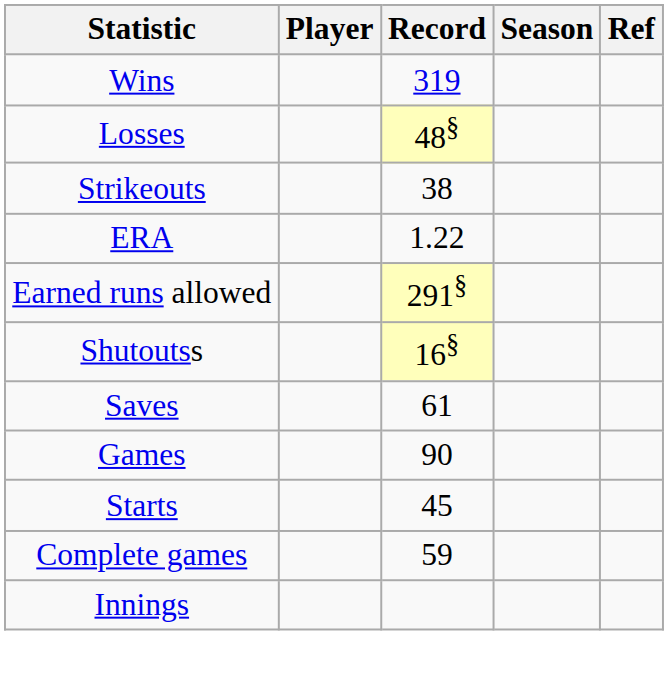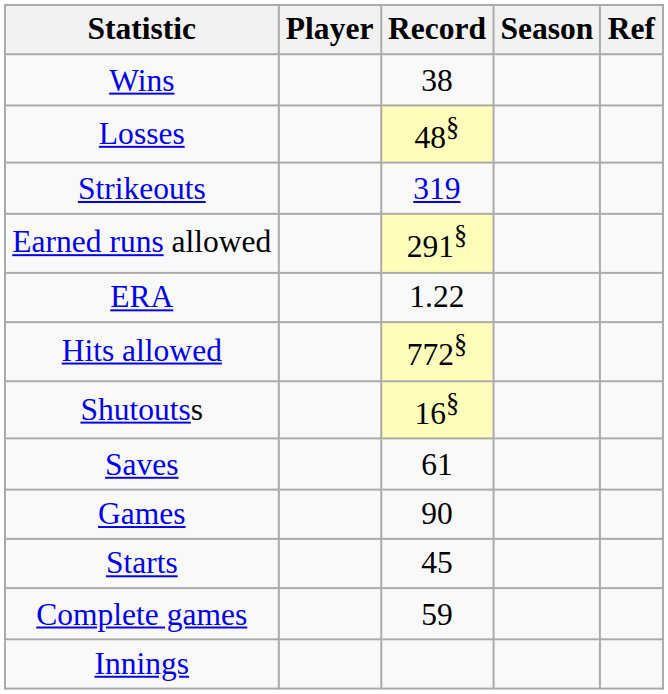 <table class="wikitable sortable" style="text-align:center">
 <tr>
 <th>Statistic</th>
 <th>Player</th>
 <th class="unsortable">Record</th>
 <th>Season</th>
 <th class="unsortable">Ref</th>
 </tr>
 <tr>
 <td><a href='#'>Wins</a></td>
 <td></td>
-<td><a href='#'>319</a></td>
+<td>38</td>
 <td></td>
 <td></td>
 </tr>
 <tr>
 <td><a href='#'>Losses</a></td>
 <td></td>
 <td bgcolor="#ffffbb">48<sup>§</sup></td>
 <td></td>
 <td></td>
 </tr>
 <tr>
 <td><a href='#'>Strikeouts</a></td>
 <td></td>
-<td>38</td>
+<td><a href='#'>319</a></td>
+<td></td>
+<td></td>
+</tr>
+<tr>
+<td><a href='#'>Earned runs</a> allowed</td>
+<td></td>
+<td bgcolor="#ffffbb">291<sup>§</sup></td>
 <td></td>
 <td></td>
 </tr>
 <tr>
 <td><a href='#'>ERA</a></td>
 <td></td>
 <td>1.22</td>
 <td></td>
 <td></td>
 </tr>
 <tr>
-<td><a href='#'>Earned runs</a> allowed</td>
+<td><a href='#'>Hits allowed</a></td>
 <td></td>
-<td bgcolor="#ffffbb">291<sup>§</sup></td>
+<td bgcolor="#ffffbb">772<sup>§</sup></td>
 <td></td>
 <td></td>
 </tr>
 <tr>
 <td><a href='#'>Shutouts</a>s</td>
 <td></td>
 <td bgcolor="#ffffbb">16<sup>§</sup></td>
 <td></td>
 <td></td>
 </tr>
 <tr>
 <td><a href='#'>Saves</a></td>
 <td></td>
 <td>61</td>
 <td></td>
 <td></td>
 </tr>
 <tr>
 <td><a href='#'>Games</a></td>
 <td></td>
 <td>90</td>
 <td></td>
 <td></td>
 </tr>
 <tr>
 <td><a href='#'>Starts</a></td>
 <td></td>
 <td>45</td>
 <td></td>
 <td></td>
 </tr>
 <tr>
 <td><a href='#'>Complete games</a></td>
 <td></td>
 <td>59</td>
 <td></td>
 <td></td>
 </tr>
 <tr>
 <td><a href='#'>Innings</a></td>
 <td></td>
 <td></td>
 <td></td>
 <td></td>
 </tr>
 </table>
